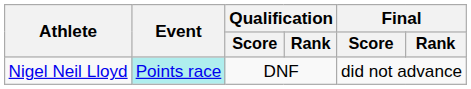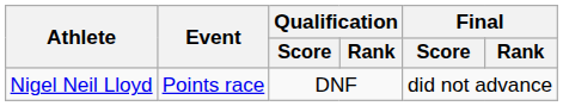 <table class="wikitable" style="font-size:90%">
 <tr>
 <th rowspan="2">Athlete</th>
 <th rowspan="2">Event</th>
 <th colspan=2>Qualification</th>
 <th colspan=2>Final</th>
 </tr>
 <tr style="font-size:95%">
 <th>Score</th>
 <th>Rank</th>
 <th>Score</th>
 <th>Rank</th>
 </tr>
 <tr align=center>
 <td align=left><a href='#'>Nigel Neil Lloyd</a></td>
-<td align=left style="background: paleturquoise;"><a href='#'>Points race</a></td>
+<td align=left><a href='#'>Points race</a></td>
 <td colspan=2>DNF</td>
 <td colspan=2>did not advance</td>
 </tr>
 </table>
